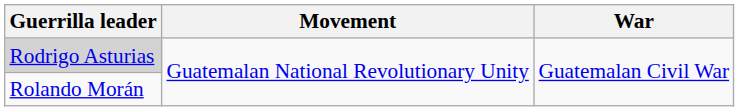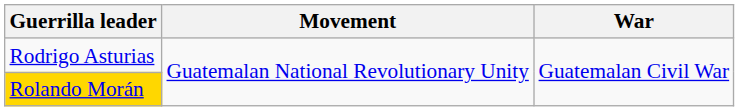 <table class="wikitable">
 <tr>
 <th>Guerrilla leader</th>
 <th>Movement</th>
 <th>War</th>
 </tr>
 <tr>
-<td style="background: lightgrey;"><a href='#'>Rodrigo Asturias</a></td>
+<td><a href='#'>Rodrigo Asturias</a></td>
 <td rowspan="2"><a href='#'>Guatemalan National Revolutionary Unity</a></td>
 <td rowspan="2"><a href='#'>Guatemalan Civil War</a></td>
 </tr>
 <tr>
-<td><a href='#'>Rolando Morán</a></td>
+<td style="background: gold;"><a href='#'>Rolando Morán</a></td>
 </tr>
 </table>
